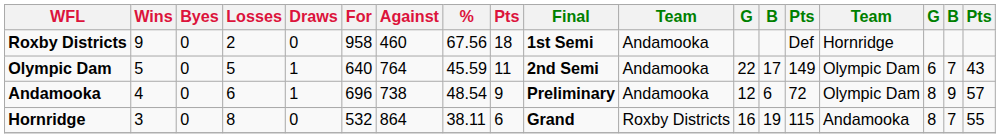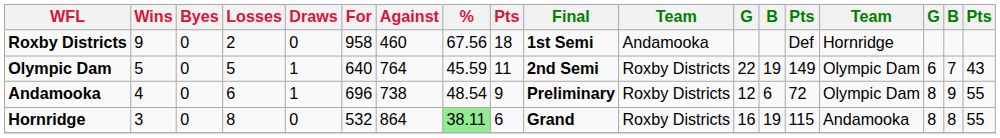 <table class="wikitable">
 <tr>
 <th style="color:crimson">WFL</th>
 <th style="color:crimson">Wins</th>
 <th style="color:crimson">Byes</th>
 <th style="color:crimson">Losses</th>
 <th style="color:crimson">Draws</th>
 <th style="color:crimson">For</th>
 <th style="color:crimson">Against</th>
 <th style="color:crimson">%</th>
 <th style="color:crimson">Pts</th>
 <th style="color:green">Final</th>
 <th style="color:green">Team</th>
 <th style="color:green">G</th>
 <th style="color:green">B</th>
 <th style="color:green">Pts</th>
 <th style="color:green">Team</th>
 <th style="color:green">G</th>
 <th style="color:green">B</th>
 <th style="color:green">Pts</th>
 </tr>
 <tr>
 <td><strong>	Roxby Districts	</strong></td>
 <td>9</td>
 <td>0</td>
 <td>2</td>
 <td>0</td>
 <td>958</td>
 <td>460</td>
 <td>67.56</td>
 <td>18</td>
 <td><strong>1st Semi</strong></td>
 <td>Andamooka</td>
 <td></td>
 <td></td>
 <td>Def</td>
 <td>Hornridge</td>
 <td></td>
 <td></td>
 <td></td>
 </tr>
 <tr>
 <td><strong>	Olympic Dam	</strong></td>
 <td>5</td>
 <td>0</td>
 <td>5</td>
 <td>1</td>
 <td>640</td>
 <td>764</td>
 <td>45.59</td>
 <td>11</td>
 <td><strong>2nd Semi</strong></td>
-<td>Andamooka</td>
+<td>Roxby Districts</td>
 <td>22</td>
-<td>17</td>
+<td>19</td>
 <td>149</td>
 <td>Olympic Dam</td>
 <td>6</td>
 <td>7</td>
 <td>43</td>
 </tr>
 <tr>
 <td><strong>	Andamooka	</strong></td>
 <td>4</td>
 <td>0</td>
 <td>6</td>
 <td>1</td>
 <td>696</td>
 <td>738</td>
 <td>48.54</td>
 <td>9</td>
 <td><strong>Preliminary</strong></td>
-<td>Andamooka</td>
+<td>Roxby Districts</td>
 <td>12</td>
 <td>6</td>
 <td>72</td>
 <td>Olympic Dam</td>
 <td>8</td>
 <td>9</td>
-<td>57</td>
+<td>55</td>
 </tr>
 <tr>
 <td><strong>	Hornridge	</strong></td>
 <td>3</td>
 <td>0</td>
 <td>8</td>
 <td>0</td>
 <td>532</td>
 <td>864</td>
-<td>38.11</td>
+<td style="background: lightgreen;">38.11</td>
 <td>6</td>
 <td><strong>Grand</strong></td>
 <td>Roxby Districts</td>
 <td>16</td>
 <td>19</td>
 <td>115</td>
 <td>Andamooka</td>
 <td>8</td>
-<td>7</td>
+<td>8</td>
 <td>55</td>
 </tr>
 <tr>
 </tr>
 </table>
